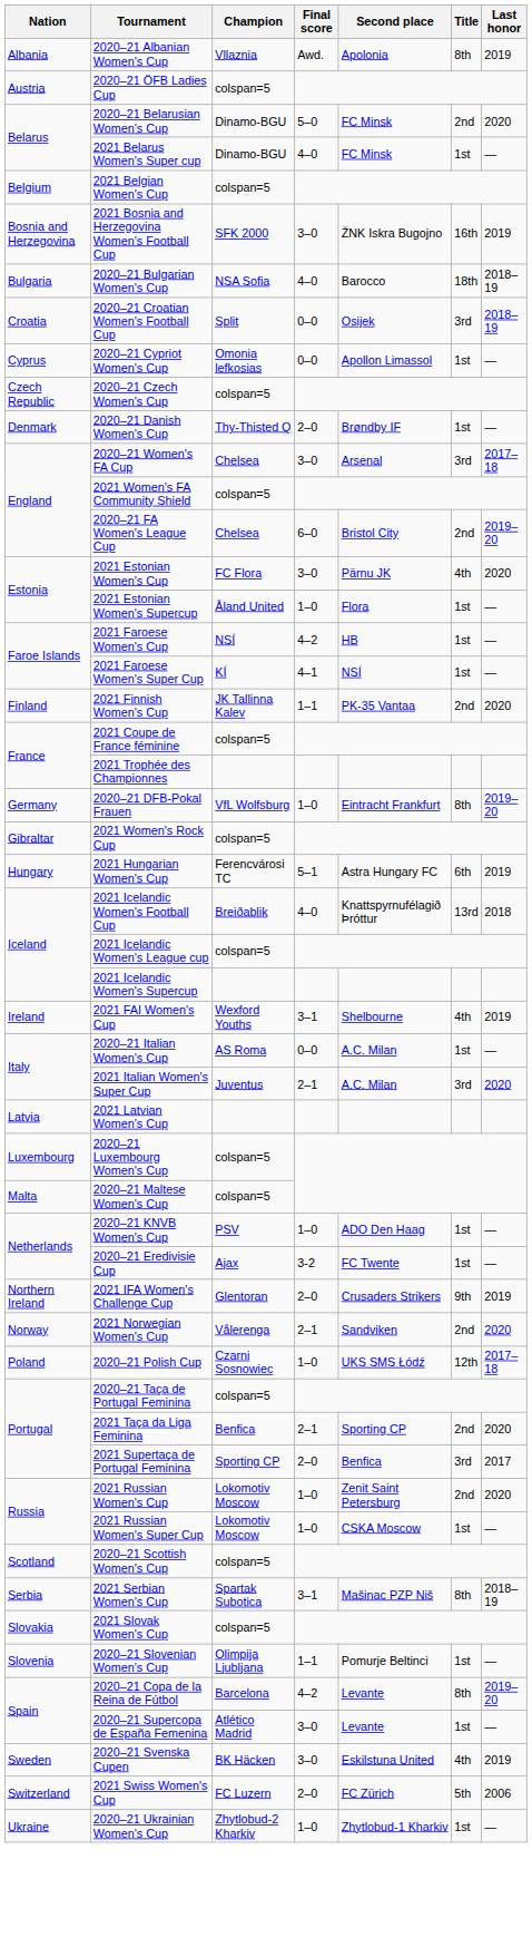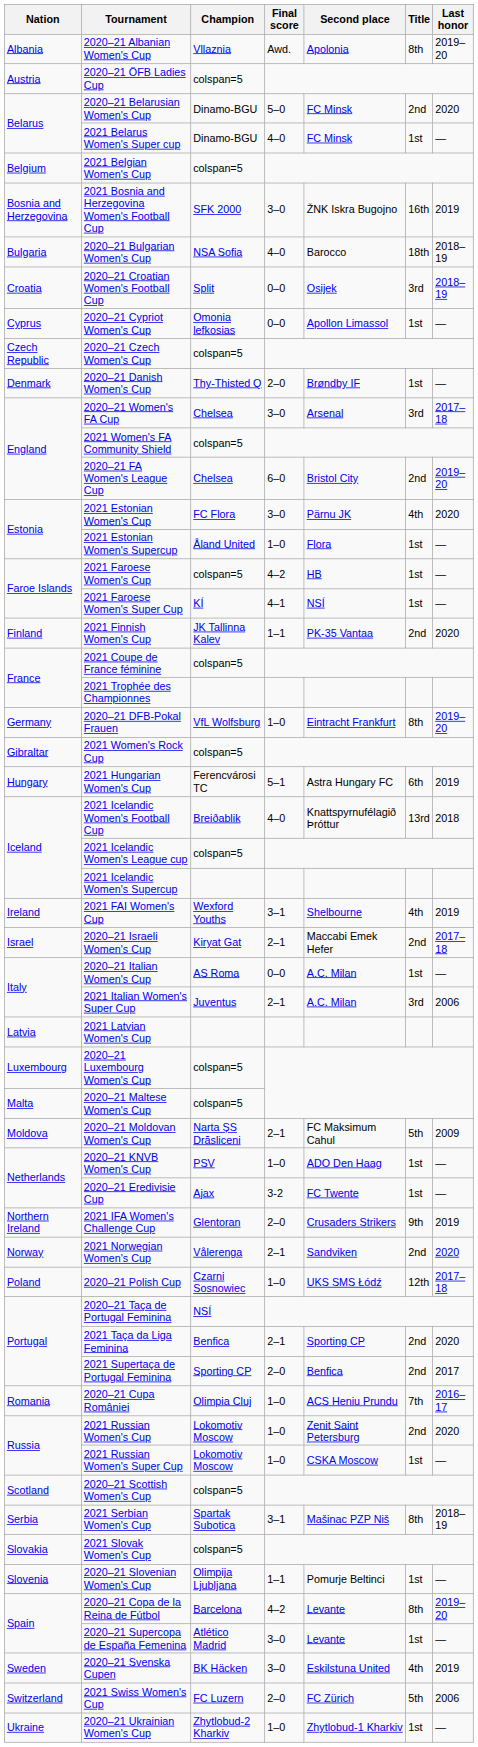 <table class=wikitable style="font-size:14px">
 <tr>
 <th>Nation</th>
 <th>Tournament</th>
 <th>Champion</th>
 <th>Final score</th>
 <th>Second place</th>
 <th data-sort-type="number">Title</th>
 <th>Last honor</th>
 </tr>
 <tr>
 <td> <a href='#'>Albania</a></td>
 <td><a href='#'>2020–21 Albanian Women's Cup</a></td>
 <td><a href='#'>Vllaznia</a></td>
 <td>Awd.</td>
 <td><a href='#'>Apolonia</a></td>
 <td>8th</td>
-<td>2019</td>
+<td>2019–20</td>
 </tr>
 <tr>
 <td> <a href='#'>Austria</a></td>
 <td><a href='#'>2020–21 ÖFB Ladies Cup</a></td>
 <td>colspan=5 </td>
 </tr>
 <tr>
 <td rowspan=2> <a href='#'>Belarus</a></td>
 <td><a href='#'>2020–21 Belarusian Women's Cup</a></td>
 <td>Dinamo-BGU</td>
 <td>5–0</td>
 <td><a href='#'>FC Minsk</a></td>
 <td>2nd</td>
 <td>2020</td>
 </tr>
 <tr>
 <td><a href='#'>2021 Belarus Women's Super cup</a></td>
 <td>Dinamo-BGU</td>
 <td>4–0</td>
 <td><a href='#'>FC Minsk</a></td>
 <td>1st</td>
 <td>—</td>
 </tr>
 <tr>
 <td> <a href='#'>Belgium</a></td>
 <td><a href='#'>2021 Belgian Women's Cup</a></td>
 <td>colspan=5 </td>
 </tr>
 <tr>
 <td> <a href='#'>Bosnia and Herzegovina</a></td>
 <td><a href='#'>2021 Bosnia and Herzegovina Women's Football Cup</a></td>
 <td><a href='#'>SFK 2000</a></td>
 <td>3–0</td>
 <td>ŽNK Iskra Bugojno</td>
 <td>16th</td>
 <td>2019</td>
 </tr>
 <tr>
 <td> <a href='#'>Bulgaria</a></td>
 <td><a href='#'>2020–21 Bulgarian Women's Cup</a></td>
 <td><a href='#'>NSA Sofia</a></td>
 <td>4–0</td>
 <td>Barocco</td>
 <td>18th</td>
 <td>2018–19</td>
 </tr>
 <tr>
 <td> <a href='#'>Croatia</a></td>
 <td><a href='#'>2020–21 Croatian Women's Football Cup</a></td>
 <td><a href='#'>Split</a></td>
 <td>0–0 </td>
 <td><a href='#'>Osijek</a></td>
 <td>3rd</td>
 <td><a href='#'>2018–19</a></td>
 </tr>
 <tr>
 <td> <a href='#'>Cyprus</a></td>
 <td><a href='#'>2020–21 Cypriot Women's Cup</a></td>
 <td><a href='#'>Omonia lefkosias</a></td>
 <td>0–0 </td>
 <td><a href='#'>Apollon Limassol</a></td>
 <td>1st</td>
 <td>—</td>
 </tr>
 <tr>
 <td> <a href='#'>Czech Republic</a></td>
 <td><a href='#'>2020–21 Czech Women's Cup</a></td>
 <td>colspan=5 </td>
 </tr>
 <tr>
 <td> <a href='#'>Denmark</a></td>
 <td><a href='#'>2020–21 Danish Women's Cup</a></td>
 <td><a href='#'>Thy-Thisted Q</a></td>
 <td>2–0</td>
 <td><a href='#'>Brøndby IF</a></td>
 <td>1st</td>
 <td>—</td>
 </tr>
 <tr>
 <td rowspan=3> <a href='#'>England</a></td>
 <td><a href='#'>2020–21 Women's FA Cup</a></td>
 <td><a href='#'>Chelsea</a></td>
 <td>3–0</td>
 <td><a href='#'>Arsenal</a></td>
 <td>3rd</td>
 <td><a href='#'>2017–18</a></td>
 </tr>
 <tr>
 <td><a href='#'>2021 Women's FA Community Shield</a></td>
 <td>colspan=5 </td>
 </tr>
 <tr>
 <td><a href='#'>2020–21 FA Women's League Cup</a></td>
 <td><a href='#'>Chelsea</a></td>
 <td>6–0</td>
 <td><a href='#'>Bristol City</a></td>
 <td>2nd</td>
 <td><a href='#'>2019–20</a></td>
 </tr>
 <tr>
 <td rowspan=2> <a href='#'>Estonia</a></td>
 <td><a href='#'>2021 Estonian Women's Cup</a></td>
 <td><a href='#'>FC Flora</a></td>
 <td>3–0</td>
 <td><a href='#'>Pärnu JK</a></td>
 <td>4th</td>
 <td>2020</td>
 </tr>
 <tr>
 <td><a href='#'>2021 Estonian Women's Supercup</a></td>
 <td><a href='#'>Åland United</a></td>
 <td>1–0</td>
 <td><a href='#'>Flora</a></td>
 <td>1st</td>
 <td>—</td>
 </tr>
 <tr>
 <td rowspan=2> <a href='#'>Faroe Islands</a></td>
 <td><a href='#'>2021 Faroese Women's Cup</a></td>
-<td><a href='#'>NSÍ</a></td>
+<td>colspan=5 </td>
 <td>4–2</td>
 <td><a href='#'>HB</a></td>
 <td>1st</td>
 <td>—</td>
 </tr>
 <tr>
 <td><a href='#'>2021 Faroese Women's Super Cup</a></td>
 <td><a href='#'>KÍ</a></td>
 <td>4–1</td>
 <td><a href='#'>NSÍ</a></td>
 <td>1st</td>
 <td>—</td>
 </tr>
 <tr>
 <td> <a href='#'>Finland</a></td>
 <td><a href='#'>2021 Finnish Women's Cup</a></td>
 <td><a href='#'>JK Tallinna Kalev</a></td>
 <td>1–1  </td>
 <td><a href='#'>PK-35 Vantaa</a></td>
 <td>2nd</td>
 <td>2020</td>
 </tr>
 <tr>
 <td rowspan=2> <a href='#'>France</a></td>
 <td><a href='#'>2021 Coupe de France féminine</a></td>
 <td>colspan=5 </td>
 </tr>
 <tr>
 <td><a href='#'>2021 Trophée des Championnes</a></td>
 <td></td>
 <td></td>
 <td></td>
 <td></td>
 <td></td>
 </tr>
 <tr>
 <td> <a href='#'>Germany</a></td>
 <td><a href='#'>2020–21 DFB-Pokal Frauen</a></td>
 <td><a href='#'>VfL Wolfsburg</a></td>
 <td>1–0 </td>
 <td><a href='#'>Eintracht Frankfurt</a></td>
 <td>8th</td>
 <td><a href='#'>2019–20</a></td>
 </tr>
 <tr>
 <td> <a href='#'>Gibraltar</a></td>
 <td><a href='#'>2021 Women's Rock Cup</a></td>
 <td>colspan=5 </td>
 </tr>
 <tr>
 <td> <a href='#'>Hungary</a></td>
 <td><a href='#'>2021 Hungarian Women's Cup</a></td>
 <td>Ferencvárosi TC</td>
 <td>5–1</td>
 <td>Astra Hungary FC</td>
 <td>6th</td>
 <td>2019</td>
 </tr>
 <tr>
 <td rowspan=3> <a href='#'>Iceland</a></td>
 <td><a href='#'>2021 Icelandic Women's Football Cup</a></td>
 <td><a href='#'>Breiðablik</a></td>
 <td>4–0</td>
 <td>Knattspyrnufélagið Þróttur</td>
 <td>13rd</td>
 <td>2018</td>
 </tr>
 <tr>
 <td><a href='#'>2021 Icelandic Women's League cup</a></td>
 <td>colspan=5 </td>
 </tr>
 <tr>
 <td><a href='#'>2021 Icelandic Women's Supercup</a></td>
 <td></td>
 <td></td>
 <td></td>
 <td></td>
 <td></td>
 </tr>
 <tr>
 <td> <a href='#'>Ireland</a></td>
 <td><a href='#'>2021 FAI Women's Cup</a></td>
 <td><a href='#'>Wexford Youths</a></td>
 <td>3–1</td>
 <td><a href='#'>Shelbourne</a></td>
 <td>4th</td>
 <td>2019</td>
 </tr>
 <tr>
+<td> <a href='#'>Israel</a></td>
+<td><a href='#'>2020–21 Israeli Women's Cup</a></td>
+<td><a href='#'>Kiryat Gat</a></td>
+<td>2–1</td>
+<td>Maccabi Emek Hefer</td>
+<td>2nd</td>
+<td><a href='#'>2017–18</a></td>
+</tr>
+<tr>
 <td rowspan=2> <a href='#'>Italy</a></td>
 <td><a href='#'>2020–21 Italian Women's Cup</a></td>
 <td><a href='#'>AS Roma</a></td>
 <td>0–0  </td>
 <td><a href='#'>A.C. Milan</a></td>
 <td>1st</td>
 <td>—</td>
 </tr>
 <tr>
 <td><a href='#'>2021 Italian Women's Super Cup</a></td>
 <td><a href='#'>Juventus</a></td>
 <td>2–1</td>
 <td><a href='#'>A.C. Milan</a></td>
 <td>3rd</td>
-<td><a href='#'>2020</a></td>
+<td>2006</td>
 </tr>
 <tr>
 <td> <a href='#'>Latvia</a></td>
 <td><a href='#'>2021 Latvian Women's Cup</a></td>
 <td></td>
 <td></td>
 <td></td>
 <td></td>
 <td></td>
 </tr>
 <tr>
 <td> <a href='#'>Luxembourg</a></td>
 <td><a href='#'>2020–21 Luxembourg Women's Cup</a></td>
 <td>colspan=5 </td>
 </tr>
 <tr>
 <td> <a href='#'>Malta</a></td>
 <td><a href='#'>2020–21 Maltese Women's Cup</a></td>
 <td>colspan=5 </td>
+</tr>
+<tr>
+<td> <a href='#'>Moldova</a></td>
+<td><a href='#'>2020–21 Moldovan Women's Cup</a></td>
+<td><a href='#'>Narta ȘS Drăsliceni</a></td>
+<td>2–1</td>
+<td>FC Maksimum Cahul</td>
+<td>5th</td>
+<td>2009</td>
 </tr>
 <tr>
 <td rowspan=2> <a href='#'>Netherlands</a></td>
 <td><a href='#'>2020–21 KNVB Women's Cup</a></td>
 <td><a href='#'>PSV</a></td>
 <td>1–0</td>
 <td><a href='#'>ADO Den Haag</a></td>
 <td>1st</td>
 <td>—</td>
 </tr>
 <tr>
 <td><a href='#'>2020–21 Eredivisie Cup</a></td>
 <td><a href='#'>Ajax</a></td>
 <td>3-2</td>
 <td><a href='#'>FC Twente</a></td>
 <td>1st</td>
 <td>—</td>
 </tr>
 <tr>
 <td> <a href='#'>Northern Ireland</a></td>
 <td><a href='#'>2021 IFA Women's Challenge Cup</a></td>
 <td><a href='#'>Glentoran</a></td>
 <td>2–0</td>
 <td><a href='#'>Crusaders Strikers</a></td>
 <td>9th</td>
 <td>2019</td>
 </tr>
 <tr>
 <td> <a href='#'>Norway</a></td>
 <td><a href='#'>2021 Norwegian Women's Cup</a></td>
 <td><a href='#'>Vålerenga</a></td>
 <td>2–1</td>
 <td><a href='#'>Sandviken</a></td>
 <td>2nd</td>
 <td><a href='#'>2020</a></td>
 </tr>
 <tr>
 <td> <a href='#'>Poland</a></td>
 <td><a href='#'>2020–21 Polish Cup</a></td>
 <td><a href='#'>Czarni Sosnowiec</a></td>
 <td>1–0</td>
 <td><a href='#'>UKS SMS Łódź</a></td>
 <td>12th</td>
 <td><a href='#'>2017–18</a></td>
 </tr>
 <tr>
 <td rowspan=3> <a href='#'>Portugal</a></td>
 <td><a href='#'>2020–21 Taça de Portugal Feminina</a></td>
-<td>colspan=5 </td>
+<td><a href='#'>NSÍ</a></td>
 </tr>
 <tr>
 <td><a href='#'>2021 Taça da Liga Feminina</a></td>
 <td><a href='#'>Benfica</a></td>
 <td>2–1</td>
 <td><a href='#'>Sporting CP</a></td>
 <td>2nd</td>
 <td>2020</td>
 </tr>
 <tr>
 <td><a href='#'>2021 Supertaça de Portugal Feminina</a></td>
 <td><a href='#'>Sporting CP</a></td>
 <td>2–0</td>
 <td><a href='#'>Benfica</a></td>
-<td>3rd</td>
+<td>2nd</td>
 <td>2017</td>
+</tr>
+<tr>
+<td> <a href='#'>Romania</a></td>
+<td><a href='#'>2020–21 Cupa României</a></td>
+<td><a href='#'>Olimpia Cluj</a></td>
+<td>1–0 </td>
+<td><a href='#'>ACS Heniu Prundu</a></td>
+<td>7th</td>
+<td><a href='#'>2016–17</a></td>
 </tr>
 <tr>
 <td rowspan=2> <a href='#'>Russia</a></td>
 <td><a href='#'>2021 Russian Women's Cup</a></td>
 <td><a href='#'>Lokomotiv Moscow</a></td>
 <td>1–0</td>
 <td><a href='#'>Zenit Saint Petersburg</a></td>
 <td>2nd</td>
 <td>2020</td>
 </tr>
 <tr>
 <td><a href='#'>2021 Russian Women's Super Cup</a></td>
 <td><a href='#'>Lokomotiv Moscow</a></td>
 <td>1–0</td>
 <td><a href='#'>CSKA Moscow</a></td>
 <td>1st</td>
 <td>—</td>
 </tr>
 <tr>
 <td> <a href='#'>Scotland</a></td>
 <td><a href='#'>2020–21 Scottish Women's Cup</a></td>
 <td>colspan=5 </td>
 </tr>
 <tr>
 <td> <a href='#'>Serbia</a></td>
 <td><a href='#'>2021 Serbian Women's Cup</a></td>
 <td><a href='#'>Spartak Subotica</a></td>
 <td>3–1</td>
 <td><a href='#'>Mašinac PZP Niš</a></td>
 <td>8th</td>
 <td>2018–19</td>
 </tr>
 <tr>
 <td> <a href='#'>Slovakia</a></td>
 <td><a href='#'>2021 Slovak Women's Cup</a></td>
 <td>colspan=5 </td>
 </tr>
 <tr>
 <td> <a href='#'>Slovenia</a></td>
 <td><a href='#'>2020–21 Slovenian Women's Cup</a></td>
 <td><a href='#'>Olimpija Ljubljana</a></td>
 <td>1–1 </td>
 <td>Pomurje Beltinci</td>
 <td>1st</td>
 <td>—</td>
 </tr>
 <tr>
 <td rowspan=2> <a href='#'>Spain</a></td>
 <td><a href='#'>2020–21 Copa de la Reina de Fútbol</a></td>
 <td><a href='#'>Barcelona</a></td>
 <td>4–2</td>
 <td><a href='#'>Levante</a></td>
 <td>8th</td>
 <td><a href='#'>2019–20</a></td>
 </tr>
 <tr>
 <td><a href='#'>2020–21 Supercopa de España Femenina</a></td>
 <td><a href='#'>Atlético Madrid</a></td>
 <td>3–0</td>
 <td><a href='#'>Levante</a></td>
 <td>1st</td>
 <td>—</td>
 </tr>
 <tr>
 <td> <a href='#'>Sweden</a></td>
 <td><a href='#'>2020–21 Svenska Cupen</a></td>
 <td><a href='#'>BK Häcken</a></td>
 <td>3–0</td>
 <td><a href='#'>Eskilstuna United</a></td>
 <td>4th</td>
 <td>2019</td>
 </tr>
 <tr>
 <td> <a href='#'>Switzerland</a></td>
 <td><a href='#'>2021 Swiss Women's Cup</a></td>
 <td><a href='#'>FC Luzern</a></td>
 <td>2–0</td>
 <td><a href='#'>FC Zürich</a></td>
 <td>5th</td>
 <td>2006</td>
 </tr>
 <tr>
 <td> <a href='#'>Ukraine</a></td>
 <td><a href='#'>2020–21 Ukrainian Women's Cup</a></td>
 <td><a href='#'>Zhytlobud-2 Kharkiv</a></td>
 <td>1–0</td>
 <td><a href='#'>Zhytlobud-1 Kharkiv</a></td>
 <td>1st</td>
 <td>—</td>
 </tr>
 </table>
